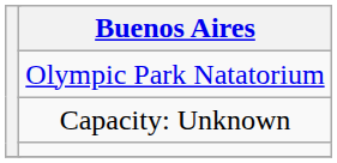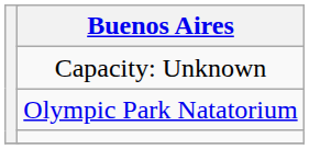 <table class="wikitable" style="text-align:center">
 <tr>
 <th rowspan="4" colspan="2"></th>
 <th><a href='#'>Buenos Aires</a></th>
 </tr>
 <tr>
-<td><a href='#'>Olympic Park Natatorium</a></td>
+<td>Capacity: Unknown</td>
 </tr>
 <tr>
-<td>Capacity: Unknown</td>
+<td><a href='#'>Olympic Park Natatorium</a></td>
 </tr>
 <tr>
 <td></td>
 </tr>
 <tr>
 </tr>
 </table>
